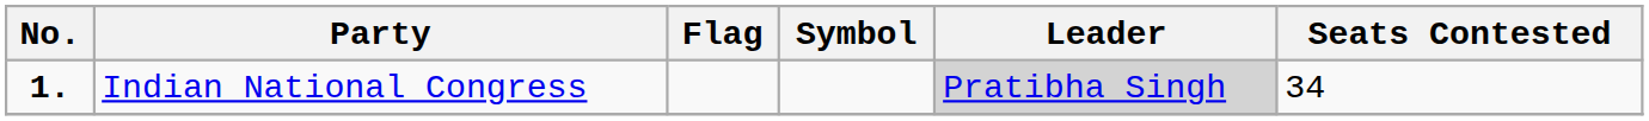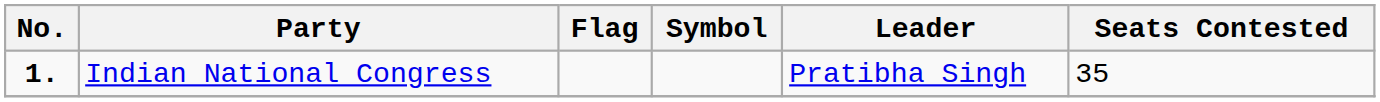 <table class="wikitable"  " width="50%">
 <tr>
 <th>No.</th>
 <th>Party</th>
 <th>Flag</th>
 <th>Symbol</th>
 <th>Leader</th>
 <th>Seats Contested</th>
 </tr>
 <tr>
 <td ! style="text-align:center; background:"><strong>1.</strong></td>
 <td><a href='#'>Indian National Congress</a></td>
 <td></td>
 <td></td>
-<td style="background: lightgrey;"><a href='#'>Pratibha Singh</a></td>
-<td>34</td>
+<td><a href='#'>Pratibha Singh</a></td>
+<td>35</td>
 </tr>
 <tr>
 </tr>
 </table>
